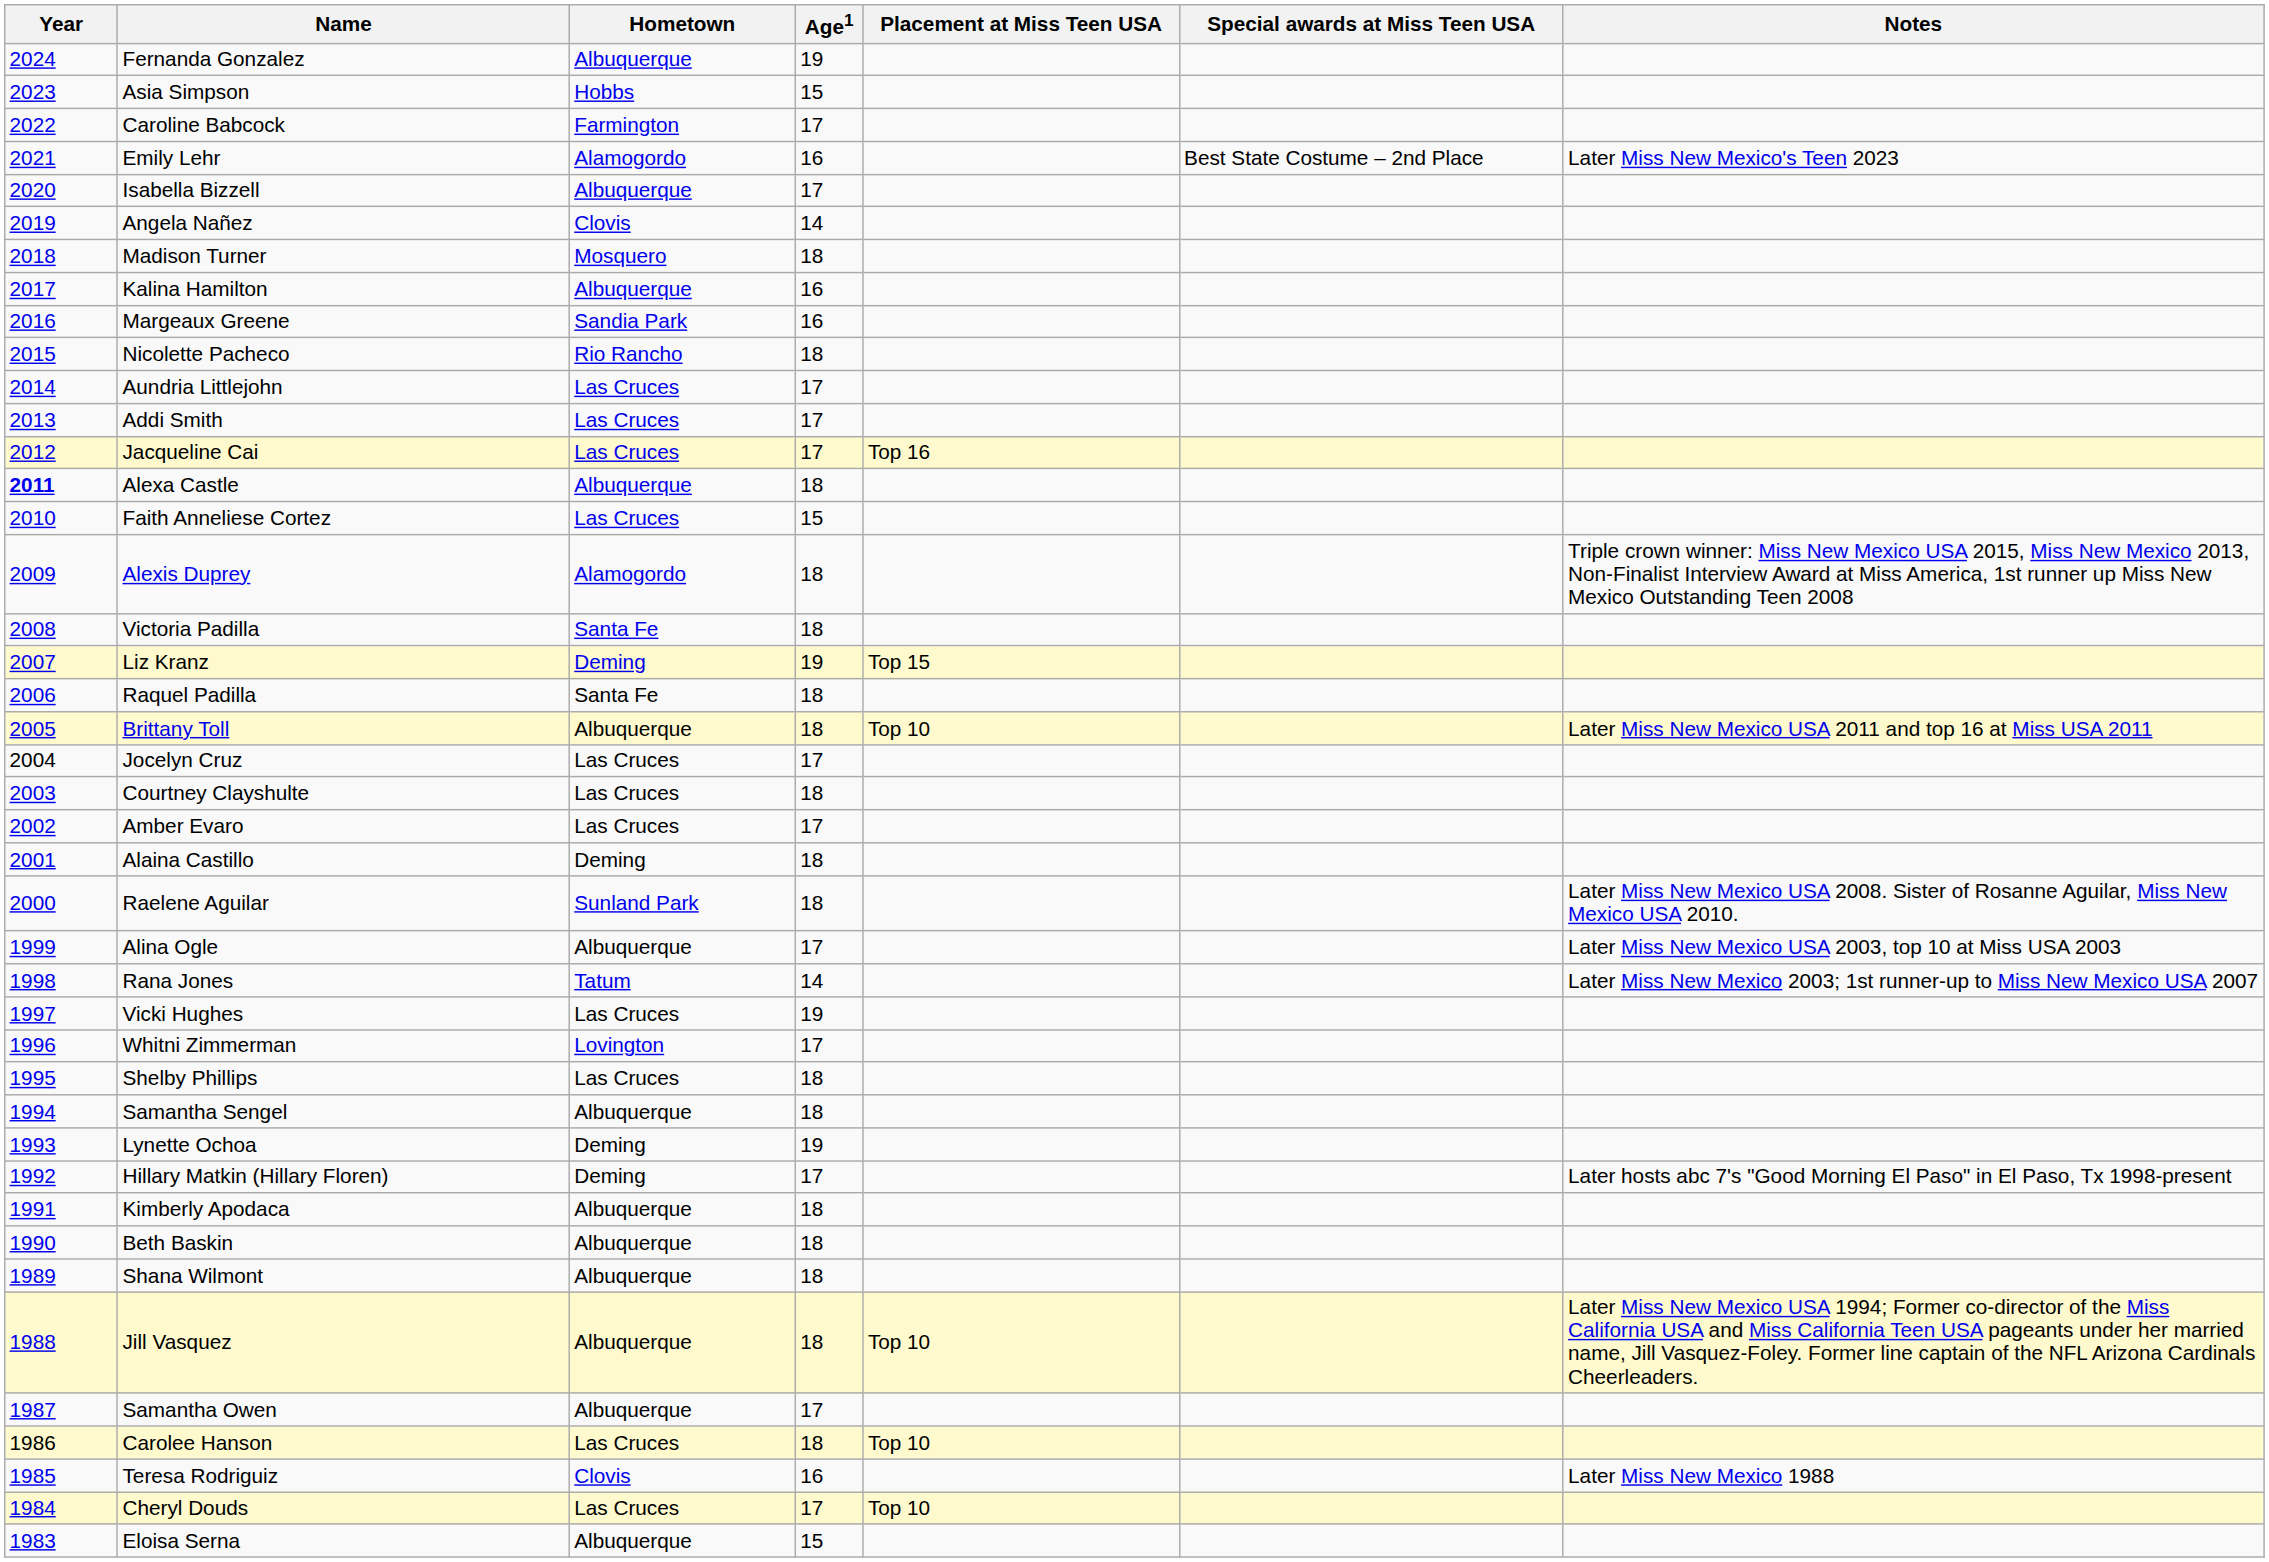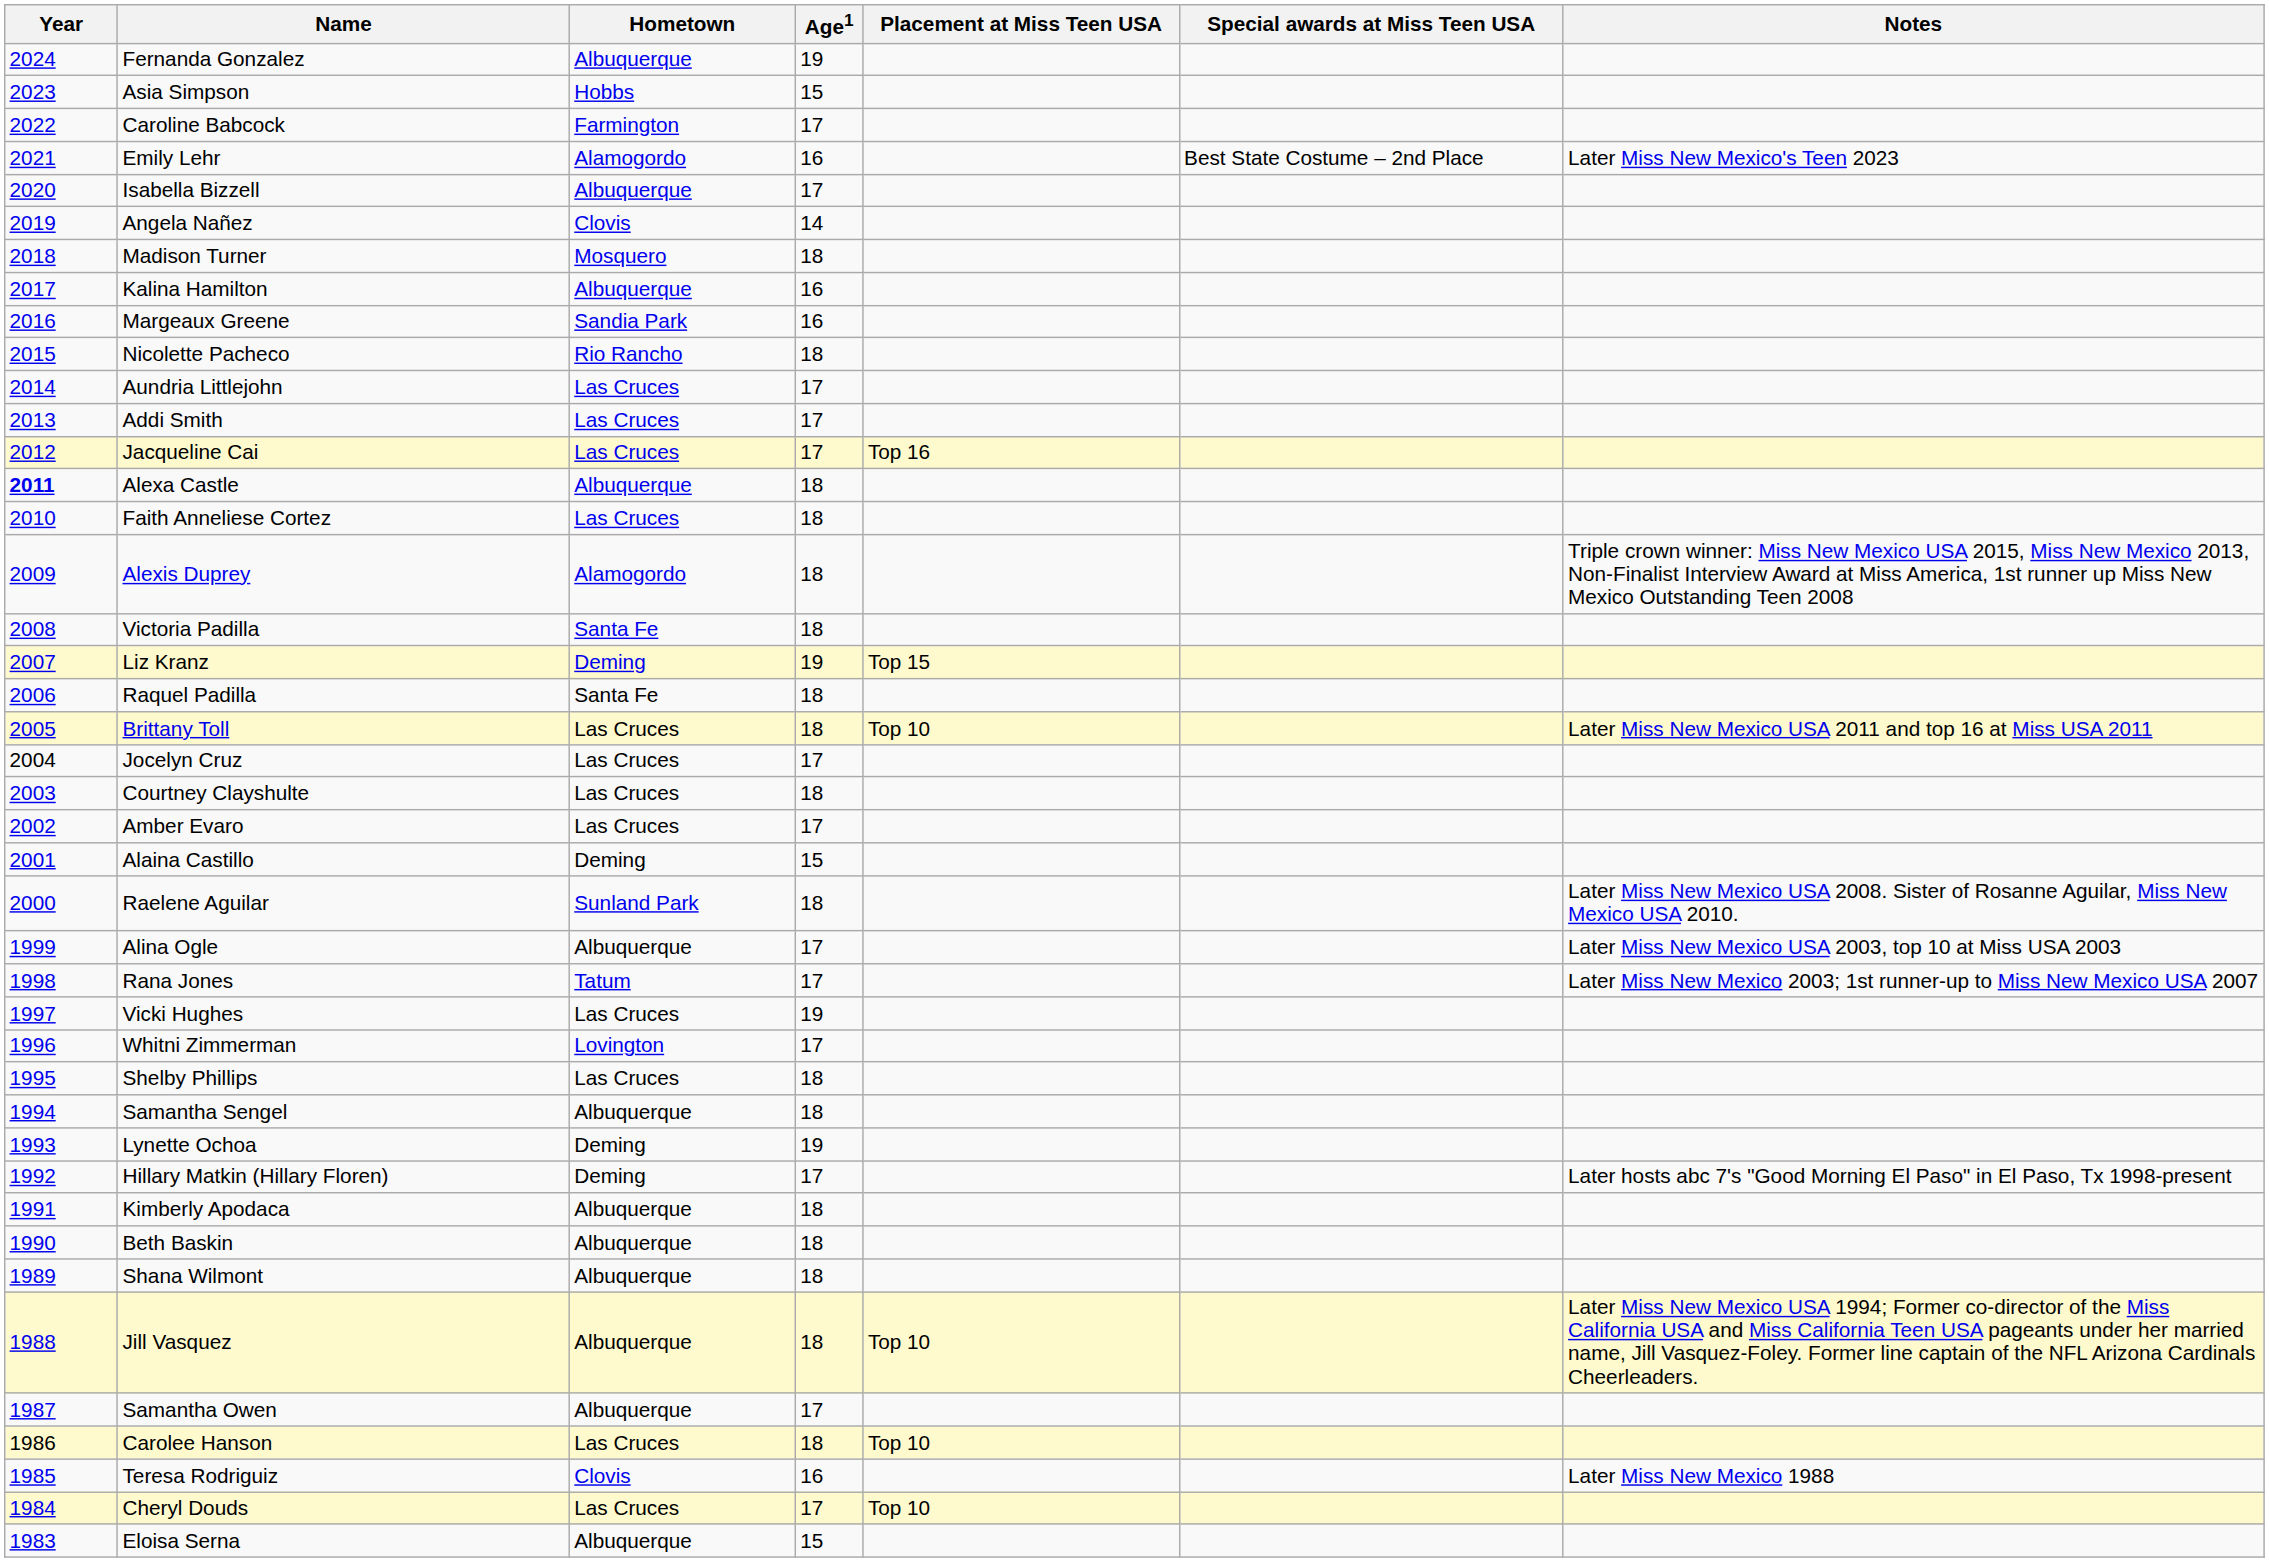 <table class="wikitable sortable"style="font-size:90%;">
 <tr bgcolor="#efefef">
 <th width=5%>Year</th>
 <th width=20%>Name</th>
 <th width=10%>Hometown</th>
 <th width=3%>Age<sup>1</sup></th>
 <th width=14%>Placement at Miss Teen USA</th>
 <th width=17%>Special awards at Miss Teen  USA</th>
 <th width=31%>Notes</th>
 </tr>
 <tr>
 <td><a href='#'>2024</a></td>
 <td>Fernanda Gonzalez</td>
 <td><a href='#'>Albuquerque</a></td>
 <td>19</td>
 <td></td>
 <td></td>
 <td></td>
 </tr>
 <tr>
 <td><a href='#'>2023</a></td>
 <td>Asia Simpson</td>
 <td><a href='#'>Hobbs</a></td>
 <td>15</td>
 <td></td>
 <td></td>
 <td></td>
 </tr>
 <tr>
 <td><a href='#'>2022</a></td>
 <td>Caroline Babcock</td>
 <td><a href='#'>Farmington</a></td>
 <td>17</td>
 <td></td>
 <td></td>
 <td></td>
 </tr>
 <tr>
 <td><a href='#'>2021</a></td>
 <td>Emily Lehr</td>
 <td><a href='#'>Alamogordo</a></td>
 <td>16</td>
 <td></td>
 <td>Best State Costume – 2nd Place</td>
 <td>Later <a href='#'>Miss New Mexico's Teen</a> 2023</td>
 </tr>
 <tr>
 <td><a href='#'>2020</a></td>
 <td>Isabella Bizzell</td>
 <td><a href='#'>Albuquerque</a></td>
 <td>17</td>
 <td></td>
 <td></td>
 <td></td>
 </tr>
 <tr>
 <td><a href='#'>2019</a></td>
 <td>Angela Nañez</td>
 <td><a href='#'>Clovis</a></td>
 <td>14</td>
 <td></td>
 <td></td>
 <td></td>
 </tr>
 <tr>
 <td><a href='#'>2018</a></td>
 <td>Madison Turner</td>
 <td><a href='#'>Mosquero</a></td>
 <td>18</td>
 <td></td>
 <td></td>
 <td></td>
 </tr>
 <tr>
 <td><a href='#'>2017</a></td>
 <td>Kalina Hamilton</td>
 <td><a href='#'>Albuquerque</a></td>
 <td>16</td>
 <td></td>
 <td></td>
 <td></td>
 </tr>
 <tr>
 <td><a href='#'>2016</a></td>
 <td>Margeaux Greene</td>
 <td><a href='#'>Sandia Park</a></td>
 <td>16</td>
 <td></td>
 <td></td>
 <td></td>
 </tr>
 <tr>
 <td><a href='#'>2015</a></td>
 <td>Nicolette Pacheco</td>
 <td><a href='#'>Rio Rancho</a></td>
 <td>18</td>
 <td></td>
 <td></td>
 <td></td>
 </tr>
 <tr>
 <td><a href='#'>2014</a></td>
 <td>Aundria Littlejohn</td>
 <td><a href='#'>Las Cruces</a></td>
 <td>17</td>
 <td></td>
 <td></td>
 <td></td>
 </tr>
 <tr>
 <td><a href='#'>2013</a></td>
 <td>Addi Smith</td>
 <td><a href='#'>Las Cruces</a></td>
 <td>17</td>
 <td></td>
 <td></td>
 <td></td>
 </tr>
 <tr style="background-color:#FFFACD;”">
 <td><a href='#'>2012</a></td>
 <td>Jacqueline Cai</td>
 <td><a href='#'>Las Cruces</a></td>
 <td>17</td>
 <td>Top 16</td>
 <td></td>
 <td></td>
 </tr>
 <tr>
 <td><strong><a href='#'>2011</a></strong></td>
 <td>Alexa Castle</td>
 <td><a href='#'>Albuquerque</a></td>
 <td>18</td>
 <td></td>
 <td></td>
 <td></td>
 </tr>
 <tr>
 <td><a href='#'>2010</a></td>
 <td>Faith Anneliese Cortez</td>
 <td><a href='#'>Las Cruces</a></td>
-<td>15</td>
+<td>18</td>
 <td></td>
 <td></td>
 <td></td>
 </tr>
 <tr>
 <td><a href='#'>2009</a></td>
 <td><a href='#'>Alexis Duprey</a></td>
 <td><a href='#'>Alamogordo</a></td>
 <td>18</td>
 <td></td>
 <td></td>
 <td>Triple crown winner: <a href='#'>Miss New Mexico USA</a> 2015, <a href='#'>Miss New Mexico</a> 2013, Non-Finalist Interview Award at Miss America, 1st runner up Miss New Mexico Outstanding Teen 2008</td>
 </tr>
 <tr>
 <td><a href='#'>2008</a></td>
 <td>Victoria Padilla</td>
 <td><a href='#'>Santa Fe</a></td>
 <td>18</td>
 <td></td>
 <td></td>
 <td></td>
 </tr>
 <tr style="background-color:#FFFACD;”">
 <td><a href='#'>2007</a></td>
 <td>Liz Kranz</td>
 <td><a href='#'>Deming</a></td>
 <td>19</td>
 <td>Top 15</td>
 <td></td>
 <td></td>
 </tr>
 <tr>
 <td><a href='#'>2006</a></td>
 <td>Raquel Padilla</td>
 <td>Santa Fe</td>
 <td>18</td>
 <td></td>
 <td></td>
 <td></td>
 </tr>
 <tr style="background-color:#FFFACD;”">
 <td><a href='#'>2005</a></td>
 <td><a href='#'>Brittany Toll</a></td>
-<td>Albuquerque</td>
+<td>Las Cruces</td>
 <td>18</td>
 <td>Top 10</td>
 <td></td>
 <td>Later <a href='#'>Miss New Mexico USA</a> 2011 and top 16 at <a href='#'>Miss USA 2011</a></td>
 </tr>
 <tr>
 <td>2004</td>
 <td>Jocelyn Cruz</td>
 <td>Las Cruces</td>
 <td>17</td>
 <td></td>
 <td></td>
 <td></td>
 </tr>
 <tr>
 <td><a href='#'>2003</a></td>
 <td>Courtney Clayshulte</td>
 <td>Las Cruces</td>
 <td>18</td>
 <td></td>
 <td></td>
 <td></td>
 </tr>
 <tr>
 <td><a href='#'>2002</a></td>
 <td>Amber Evaro</td>
 <td>Las Cruces</td>
 <td>17</td>
 <td></td>
 <td></td>
 <td></td>
 </tr>
 <tr>
 <td><a href='#'>2001</a></td>
 <td>Alaina Castillo</td>
 <td>Deming</td>
-<td>18</td>
+<td>15</td>
 <td></td>
 <td></td>
 <td></td>
 </tr>
 <tr>
 <td><a href='#'>2000</a></td>
 <td>Raelene Aguilar</td>
 <td><a href='#'>Sunland Park</a></td>
 <td>18</td>
 <td></td>
 <td></td>
 <td>Later <a href='#'>Miss New Mexico USA</a> 2008. Sister of Rosanne Aguilar, <a href='#'>Miss New Mexico USA</a> 2010.</td>
 </tr>
 <tr>
 <td><a href='#'>1999</a></td>
 <td>Alina Ogle</td>
 <td>Albuquerque</td>
 <td>17</td>
 <td></td>
 <td></td>
 <td>Later <a href='#'>Miss New Mexico USA</a> 2003, top 10 at Miss USA 2003</td>
 </tr>
 <tr>
 <td><a href='#'>1998</a></td>
 <td>Rana Jones</td>
 <td><a href='#'>Tatum</a></td>
-<td>14</td>
+<td>17</td>
 <td></td>
 <td></td>
 <td>Later <a href='#'>Miss New Mexico</a> 2003; 1st runner-up to <a href='#'>Miss New Mexico USA</a> 2007</td>
 </tr>
 <tr>
 <td><a href='#'>1997</a></td>
 <td>Vicki Hughes</td>
 <td>Las Cruces</td>
 <td>19</td>
 <td></td>
 <td></td>
 <td></td>
 </tr>
 <tr>
 <td><a href='#'>1996</a></td>
 <td>Whitni Zimmerman</td>
 <td><a href='#'>Lovington</a></td>
 <td>17</td>
 <td></td>
 <td></td>
 <td></td>
 </tr>
 <tr>
 <td><a href='#'>1995</a></td>
 <td>Shelby Phillips</td>
 <td>Las Cruces</td>
 <td>18</td>
 <td></td>
 <td></td>
 <td></td>
 </tr>
 <tr>
 <td><a href='#'>1994</a></td>
 <td>Samantha Sengel</td>
 <td>Albuquerque</td>
 <td>18</td>
 <td></td>
 <td></td>
 <td></td>
 </tr>
 <tr>
 <td><a href='#'>1993</a></td>
 <td>Lynette Ochoa</td>
 <td>Deming</td>
 <td>19</td>
 <td></td>
 <td></td>
 <td></td>
 </tr>
 <tr>
 <td><a href='#'>1992</a></td>
 <td>Hillary Matkin (Hillary Floren)</td>
 <td>Deming</td>
 <td>17</td>
 <td></td>
 <td></td>
 <td>Later hosts abc 7's "Good Morning El Paso" in El Paso, Tx 1998-present</td>
 </tr>
 <tr>
 <td><a href='#'>1991</a></td>
 <td>Kimberly Apodaca</td>
 <td>Albuquerque</td>
 <td>18</td>
 <td></td>
 <td></td>
 <td></td>
 </tr>
 <tr>
 <td><a href='#'>1990</a></td>
 <td>Beth Baskin</td>
 <td>Albuquerque</td>
 <td>18</td>
 <td></td>
 <td></td>
 <td></td>
 </tr>
 <tr>
 <td><a href='#'>1989</a></td>
 <td>Shana Wilmont</td>
 <td>Albuquerque</td>
 <td>18</td>
 <td></td>
 <td></td>
 <td></td>
 </tr>
 <tr style="background-color:#FFFACD;”">
 <td><a href='#'>1988</a></td>
 <td>Jill Vasquez</td>
 <td>Albuquerque</td>
 <td>18</td>
 <td>Top 10</td>
 <td></td>
 <td>Later <a href='#'>Miss New Mexico USA</a> 1994; Former co-director of the <a href='#'>Miss California USA</a> and <a href='#'>Miss California Teen USA</a> pageants under her married name, Jill Vasquez-Foley.  Former line captain of the NFL Arizona Cardinals Cheerleaders.</td>
 </tr>
 <tr>
 <td><a href='#'>1987</a></td>
 <td>Samantha Owen</td>
 <td>Albuquerque</td>
 <td>17</td>
 <td></td>
 <td></td>
 <td></td>
 </tr>
 <tr style="background-color:#FFFACD;”">
 <td>1986</td>
 <td>Carolee Hanson</td>
 <td>Las Cruces</td>
 <td>18</td>
 <td>Top 10</td>
 <td></td>
 <td></td>
 </tr>
 <tr>
 <td><a href='#'>1985</a></td>
 <td>Teresa Rodriguiz</td>
 <td><a href='#'>Clovis</a></td>
 <td>16</td>
 <td></td>
 <td></td>
 <td>Later <a href='#'>Miss New Mexico</a> 1988</td>
 </tr>
 <tr style="background-color:#FFFACD;”">
 <td><a href='#'>1984</a></td>
 <td>Cheryl Douds</td>
 <td>Las Cruces</td>
 <td>17</td>
 <td>Top 10</td>
 <td></td>
 <td></td>
 </tr>
 <tr>
 <td><a href='#'>1983</a></td>
 <td>Eloisa Serna</td>
 <td>Albuquerque</td>
 <td>15</td>
 <td></td>
 <td></td>
 <td></td>
 </tr>
 </table>
